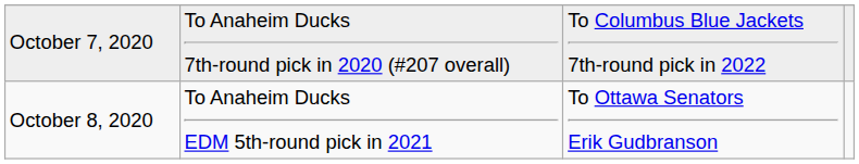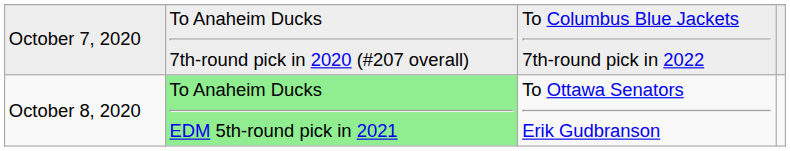 <table cellspacing=0 class="wikitable" style="border:1px solid #999999; width:680px;">
 <tr>
 </tr>
 <tr bgcolor="eeeeee">
 <td>October 7, 2020</td>
 <td valign="top">To Anaheim Ducks<hr>7th-round pick in <a href='#'>2020</a> (#207 overall)</td>
 <td valign="top">To <a href='#'>Columbus Blue Jackets</a><hr> 7th-round pick in <a href='#'>2022</a></td>
 <td></td>
 </tr>
 <tr>
 <td>October 8, 2020</td>
-<td valign="top">To Anaheim Ducks<hr><a href='#'>EDM</a> 5th-round pick in <a href='#'>2021</a></td>
+<td valign="top" style="background: lightgreen;">To Anaheim Ducks<hr><a href='#'>EDM</a> 5th-round pick in <a href='#'>2021</a></td>
 <td valign="top">To <a href='#'>Ottawa Senators</a><hr><a href='#'>Erik Gudbranson</a></td>
 <td></td>
 </tr>
 </table>
